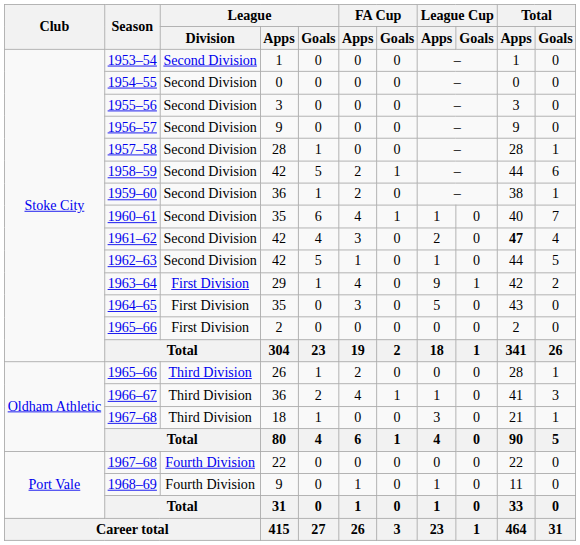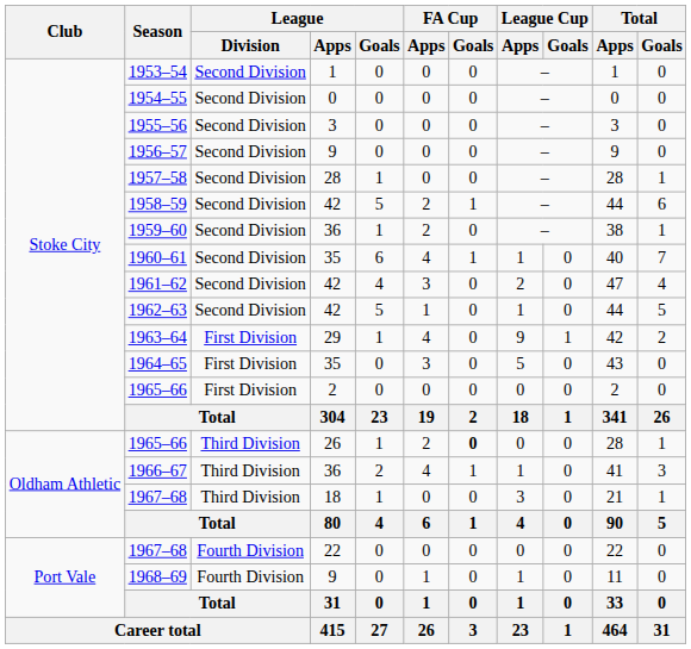 <table class="wikitable" style="text-align:center">
 <tr>
 <th rowspan="2">Club</th>
 <th rowspan="2">Season</th>
 <th colspan="3">League</th>
 <th colspan="2">FA Cup</th>
 <th colspan="2">League Cup</th>
 <th colspan="2">Total</th>
 </tr>
 <tr>
 <th>Division</th>
 <th>Apps</th>
 <th>Goals</th>
 <th>Apps</th>
 <th>Goals</th>
 <th>Apps</th>
 <th>Goals</th>
 <th>Apps</th>
 <th>Goals</th>
 </tr>
 <tr>
 <td rowspan="14"><a href='#'>Stoke City</a></td>
 <td><a href='#'>1953–54</a></td>
 <td><a href='#'>Second Division</a></td>
 <td>1</td>
 <td>0</td>
 <td>0</td>
 <td>0</td>
 <td colspan="2">–</td>
 <td>1</td>
 <td>0</td>
 </tr>
 <tr>
 <td><a href='#'>1954–55</a></td>
 <td>Second Division</td>
 <td>0</td>
 <td>0</td>
 <td>0</td>
 <td>0</td>
 <td colspan="2">–</td>
 <td>0</td>
 <td>0</td>
 </tr>
 <tr>
 <td><a href='#'>1955–56</a></td>
 <td>Second Division</td>
 <td>3</td>
 <td>0</td>
 <td>0</td>
 <td>0</td>
 <td colspan="2">–</td>
 <td>3</td>
 <td>0</td>
 </tr>
 <tr>
 <td><a href='#'>1956–57</a></td>
 <td>Second Division</td>
 <td>9</td>
 <td>0</td>
 <td>0</td>
 <td>0</td>
 <td colspan="2">–</td>
 <td>9</td>
 <td>0</td>
 </tr>
 <tr>
 <td><a href='#'>1957–58</a></td>
 <td>Second Division</td>
 <td>28</td>
 <td>1</td>
 <td>0</td>
 <td>0</td>
 <td colspan="2">–</td>
 <td>28</td>
 <td>1</td>
 </tr>
 <tr>
 <td><a href='#'>1958–59</a></td>
 <td>Second Division</td>
 <td>42</td>
 <td>5</td>
 <td>2</td>
 <td>1</td>
 <td colspan="2">–</td>
 <td>44</td>
 <td>6</td>
 </tr>
 <tr>
 <td><a href='#'>1959–60</a></td>
 <td>Second Division</td>
 <td>36</td>
 <td>1</td>
 <td>2</td>
 <td>0</td>
 <td colspan="2">–</td>
 <td>38</td>
 <td>1</td>
 </tr>
 <tr>
 <td><a href='#'>1960–61</a></td>
 <td>Second Division</td>
 <td>35</td>
 <td>6</td>
 <td>4</td>
 <td>1</td>
 <td>1</td>
 <td>0</td>
 <td>40</td>
 <td>7</td>
 </tr>
 <tr>
 <td><a href='#'>1961–62</a></td>
 <td>Second Division</td>
 <td>42</td>
 <td>4</td>
 <td>3</td>
 <td>0</td>
 <td>2</td>
 <td>0</td>
-<td><strong>47</strong></td>
+<td>47</td>
 <td>4</td>
 </tr>
 <tr>
 <td><a href='#'>1962–63</a></td>
 <td>Second Division</td>
 <td>42</td>
 <td>5</td>
 <td>1</td>
 <td>0</td>
 <td>1</td>
 <td>0</td>
 <td>44</td>
 <td>5</td>
 </tr>
 <tr>
 <td><a href='#'>1963–64</a></td>
 <td><a href='#'>First Division</a></td>
 <td>29</td>
 <td>1</td>
 <td>4</td>
 <td>0</td>
 <td>9</td>
 <td>1</td>
 <td>42</td>
 <td>2</td>
 </tr>
 <tr>
 <td><a href='#'>1964–65</a></td>
 <td>First Division</td>
 <td>35</td>
 <td>0</td>
 <td>3</td>
 <td>0</td>
 <td>5</td>
 <td>0</td>
 <td>43</td>
 <td>0</td>
 </tr>
 <tr>
 <td><a href='#'>1965–66</a></td>
 <td>First Division</td>
 <td>2</td>
 <td>0</td>
 <td>0</td>
 <td>0</td>
 <td>0</td>
 <td>0</td>
 <td>2</td>
 <td>0</td>
 </tr>
 <tr>
 <th colspan="2">Total</th>
 <th>304</th>
 <th>23</th>
 <th>19</th>
 <th>2</th>
 <th>18</th>
 <th>1</th>
 <th>341</th>
 <th>26</th>
 </tr>
 <tr>
 <td rowspan="4"><a href='#'>Oldham Athletic</a></td>
 <td><a href='#'>1965–66</a></td>
 <td><a href='#'>Third Division</a></td>
 <td>26</td>
 <td>1</td>
 <td>2</td>
-<td>0</td>
+<td><strong>0</strong></td>
 <td>0</td>
 <td>0</td>
 <td>28</td>
 <td>1</td>
 </tr>
 <tr>
 <td><a href='#'>1966–67</a></td>
 <td>Third Division</td>
 <td>36</td>
 <td>2</td>
 <td>4</td>
 <td>1</td>
 <td>1</td>
 <td>0</td>
 <td>41</td>
 <td>3</td>
 </tr>
 <tr>
 <td><a href='#'>1967–68</a></td>
 <td>Third Division</td>
 <td>18</td>
 <td>1</td>
 <td>0</td>
 <td>0</td>
 <td>3</td>
 <td>0</td>
 <td>21</td>
 <td>1</td>
 </tr>
 <tr>
 <th colspan="2">Total</th>
 <th>80</th>
 <th>4</th>
 <th>6</th>
 <th>1</th>
 <th>4</th>
 <th>0</th>
 <th>90</th>
 <th>5</th>
 </tr>
 <tr>
 <td rowspan="3"><a href='#'>Port Vale</a></td>
 <td><a href='#'>1967–68</a></td>
 <td><a href='#'>Fourth Division</a></td>
 <td>22</td>
 <td>0</td>
 <td>0</td>
 <td>0</td>
 <td>0</td>
 <td>0</td>
 <td>22</td>
 <td>0</td>
 </tr>
 <tr>
 <td><a href='#'>1968–69</a></td>
 <td>Fourth Division</td>
 <td>9</td>
 <td>0</td>
 <td>1</td>
 <td>0</td>
 <td>1</td>
 <td>0</td>
 <td>11</td>
 <td>0</td>
 </tr>
 <tr>
 <th colspan="2">Total</th>
 <th>31</th>
 <th>0</th>
 <th>1</th>
 <th>0</th>
 <th>1</th>
 <th>0</th>
 <th>33</th>
 <th>0</th>
 </tr>
 <tr>
 <th colspan="3">Career total</th>
 <th>415</th>
 <th>27</th>
 <th>26</th>
 <th>3</th>
 <th>23</th>
 <th>1</th>
 <th>464</th>
 <th>31</th>
 </tr>
 </table>
